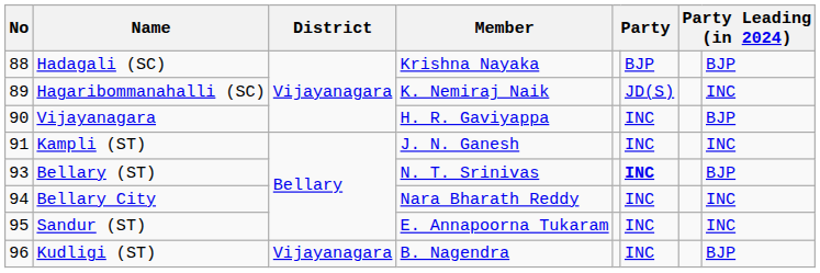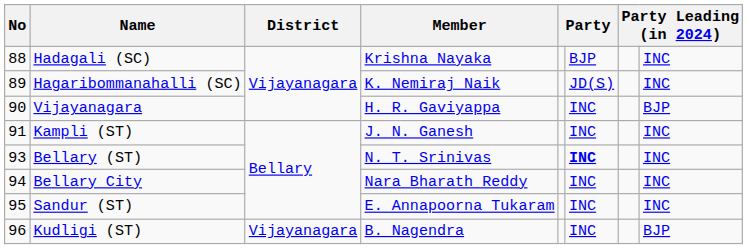 <table class="wikitable">
 <tr>
 <th>No</th>
 <th>Name</th>
 <th>District</th>
 <th>Member</th>
 <th colspan="2">Party</th>
 <th colspan="2">Party Leading<br>(in <a href='#'>2024</a>)</th>
 </tr>
 <tr>
 <td>88</td>
 <td><a href='#'>Hadagali</a> (SC)</td>
 <td rowspan="3"><a href='#'>Vijayanagara</a></td>
 <td><a href='#'>Krishna Nayaka</a></td>
 <td style="background-color: "></td>
 <td><a href='#'>BJP</a></td>
 <td style="background-color: "></td>
-<td><a href='#'>BJP</a></td>
+<td><a href='#'>INC</a></td>
 </tr>
 <tr>
 <td>89</td>
 <td><a href='#'>Hagaribommanahalli</a> (SC)</td>
 <td><a href='#'>K. Nemiraj Naik</a></td>
 <td style="background-color: "></td>
 <td><a href='#'>JD(S)</a></td>
 <td style="background-color: "></td>
 <td><a href='#'>INC</a></td>
 </tr>
 <tr>
 <td>90</td>
 <td><a href='#'>Vijayanagara</a></td>
 <td><a href='#'>H. R. Gaviyappa</a></td>
 <td style="background-color: "></td>
 <td><a href='#'>INC</a></td>
 <td style="background-color: "></td>
 <td><a href='#'>BJP</a></td>
 </tr>
 <tr>
 <td>91</td>
 <td><a href='#'>Kampli</a> (ST)</td>
 <td rowspan="4"><a href='#'>Bellary</a></td>
 <td><a href='#'>J. N. Ganesh</a></td>
 <td style="background-color: "></td>
 <td><a href='#'>INC</a></td>
 <td style="background-color: "></td>
 <td><a href='#'>INC</a></td>
 </tr>
 <tr>
 <td>93</td>
 <td><a href='#'>Bellary</a> (ST)</td>
 <td><a href='#'>N. T. Srinivas</a></td>
 <td style="background-color: "></td>
 <td><strong><a href='#'>INC</a></strong></td>
 <td style="background-color: "></td>
-<td><a href='#'>BJP</a></td>
+<td><a href='#'>INC</a></td>
 </tr>
 <tr>
 <td>94</td>
 <td><a href='#'>Bellary City</a></td>
 <td><a href='#'>Nara Bharath Reddy</a></td>
 <td style="background-color: "></td>
 <td><a href='#'>INC</a></td>
 <td style="background-color: "></td>
 <td><a href='#'>INC</a></td>
 </tr>
 <tr>
 <td>95</td>
 <td><a href='#'>Sandur</a> (ST)</td>
 <td><a href='#'>E. Annapoorna Tukaram</a></td>
 <td style="background-color: "></td>
 <td><a href='#'>INC</a></td>
 <td style="background-color: "></td>
 <td><a href='#'>INC</a></td>
 </tr>
 <tr>
 <td>96</td>
 <td><a href='#'>Kudligi</a> (ST)</td>
 <td><a href='#'>Vijayanagara</a></td>
 <td><a href='#'>B. Nagendra</a></td>
 <td style="background-color: "></td>
 <td><a href='#'>INC</a></td>
 <td style="background-color: "></td>
 <td><a href='#'>BJP</a></td>
 </tr>
 </table>
